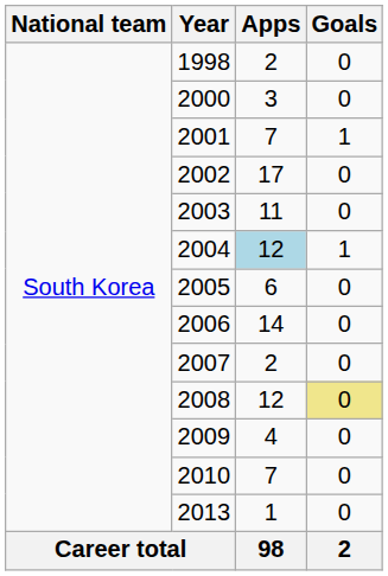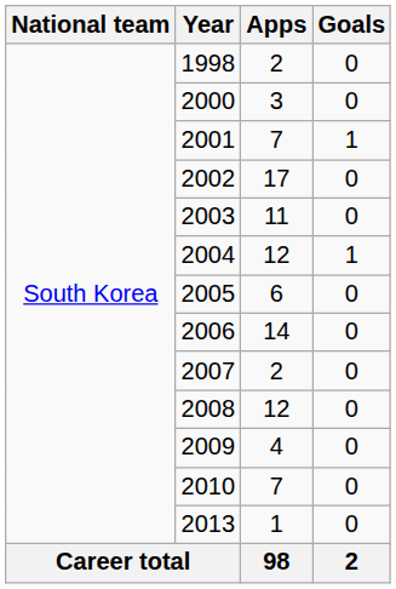 <table class="wikitable" style="text-align:center">
 <tr>
 <th>National team</th>
 <th>Year</th>
 <th>Apps</th>
 <th>Goals</th>
 </tr>
 <tr>
 <td rowspan="13"><a href='#'>South Korea</a></td>
 <td>1998</td>
 <td>2</td>
 <td>0</td>
 </tr>
 <tr>
 <td>2000</td>
 <td>3</td>
 <td>0</td>
 </tr>
 <tr>
 <td>2001</td>
 <td>7</td>
 <td>1</td>
 </tr>
 <tr>
 <td>2002</td>
 <td>17</td>
 <td>0</td>
 </tr>
 <tr>
 <td>2003</td>
 <td>11</td>
 <td>0</td>
 </tr>
 <tr>
 <td>2004</td>
-<td style="background: lightblue;">12</td>
+<td>12</td>
 <td>1</td>
 </tr>
 <tr>
 <td>2005</td>
 <td>6</td>
 <td>0</td>
 </tr>
 <tr>
 <td>2006</td>
 <td>14</td>
 <td>0</td>
 </tr>
 <tr>
 <td>2007</td>
 <td>2</td>
 <td>0</td>
 </tr>
 <tr>
 <td>2008</td>
 <td>12</td>
-<td style="background: khaki;">0</td>
+<td>0</td>
 </tr>
 <tr>
 <td>2009</td>
 <td>4</td>
 <td>0</td>
 </tr>
 <tr>
 <td>2010</td>
 <td>7</td>
 <td>0</td>
 </tr>
 <tr>
 <td>2013</td>
 <td>1</td>
 <td>0</td>
 </tr>
 <tr>
 <th colspan="2">Career total</th>
 <th>98</th>
 <th>2</th>
 </tr>
 </table>
